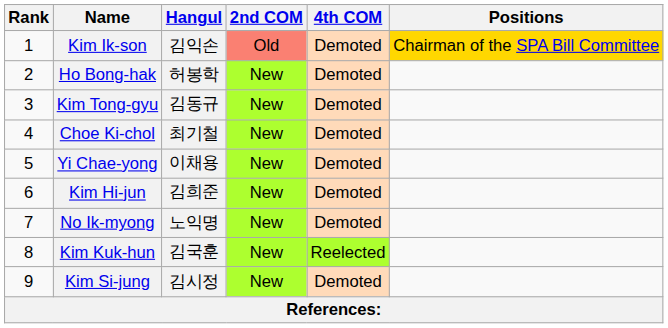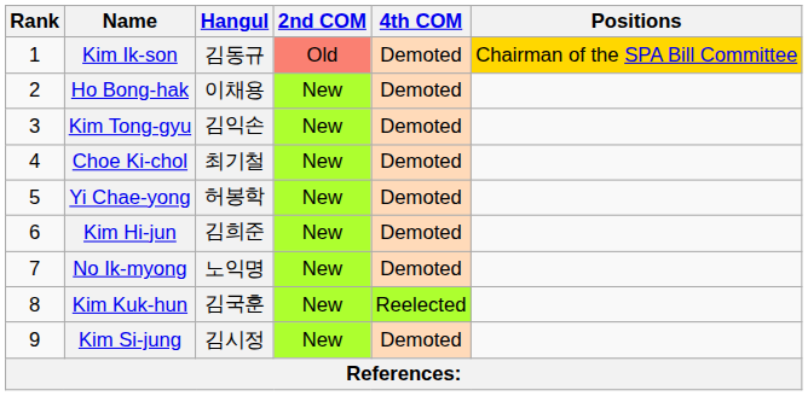 <table class="wikitable sortable">
 <tr>
 <th>Rank</th>
 <th>Name</th>
 <th class="unsortable"><a href='#'>Hangul</a></th>
 <th><a href='#'>2nd COM</a></th>
 <th><a href='#'>4th COM</a></th>
 <th>Positions</th>
 </tr>
 <tr>
 <td align="center">1</td>
 <th align="center" scope="row" style="font-weight:normal;"><a href='#'>Kim Ik-son</a></th>
-<th align="center" scope="row" style="font-weight:normal;">김익손</th>
+<th align="center" scope="row" style="font-weight:normal;">김동규</th>
 <td style="background: Salmon" align="center">Old</td>
 <td style="background: PeachPuff" align="center">Demoted</td>
 <td style="background: gold;">Chairman of the <a href='#'>SPA Bill Committee</a></td>
 </tr>
 <tr>
 <td align="center">2</td>
 <th align="center" scope="row" style="font-weight:normal;"><a href='#'>Ho Bong-hak</a></th>
-<th align="center" scope="row" style="font-weight:normal;">허봉학</th>
+<th align="center" scope="row" style="font-weight:normal;">이채용</th>
 <td align="center" style="background: GreenYellow">New</td>
 <td style="background: PeachPuff" align="center">Demoted</td>
 <td></td>
 </tr>
 <tr>
 <td align="center">3</td>
 <th align="center" scope="row" style="font-weight:normal;"><a href='#'>Kim Tong-gyu</a></th>
-<th align="center" scope="row" style="font-weight:normal;">김동규</th>
+<th align="center" scope="row" style="font-weight:normal;">김익손</th>
 <td align="center" style="background: GreenYellow">New</td>
 <td style="background: PeachPuff" align="center">Demoted</td>
 <td></td>
 </tr>
 <tr>
 <td align="center">4</td>
 <th align="center" scope="row" style="font-weight:normal;"><a href='#'>Choe Ki-chol</a></th>
 <th align="center" scope="row" style="font-weight:normal;">최기철</th>
 <td align="center" style="background: GreenYellow">New</td>
 <td style="background: PeachPuff" align="center">Demoted</td>
 <td></td>
 </tr>
 <tr>
 <td align="center">5</td>
 <th align="center" scope="row" style="font-weight:normal;"><a href='#'>Yi Chae-yong</a></th>
-<th align="center" scope="row" style="font-weight:normal;">이채용</th>
+<th align="center" scope="row" style="font-weight:normal;">허봉학</th>
 <td align="center" style="background: GreenYellow">New</td>
 <td style="background: PeachPuff" align="center">Demoted</td>
 <td></td>
 </tr>
 <tr>
 <td align="center">6</td>
 <th align="center" scope="row" style="font-weight:normal;"><a href='#'>Kim Hi-jun</a></th>
 <th align="center" scope="row" style="font-weight:normal;">김희준</th>
 <td align="center" style="background: GreenYellow">New</td>
 <td style="background: PeachPuff" align="center">Demoted</td>
 <td></td>
 </tr>
 <tr>
 <td align="center">7</td>
 <th align="center" scope="row" style="font-weight:normal;"><a href='#'>No Ik-myong</a></th>
 <th align="center" scope="row" style="font-weight:normal;">노익명</th>
 <td align="center" style="background: GreenYellow">New</td>
 <td style="background: PeachPuff" align="center">Demoted</td>
 <td></td>
 </tr>
 <tr>
 <td align="center">8</td>
 <th align="center" scope="row" style="font-weight:normal;"><a href='#'>Kim Kuk-hun</a></th>
 <th align="center" scope="row" style="font-weight:normal;">김국훈</th>
 <td align="center" style="background: GreenYellow">New</td>
 <td align="center" style="background: GreenYellow">Reelected</td>
 <td></td>
 </tr>
 <tr>
 <td align="center">9</td>
 <th align="center" scope="row" style="font-weight:normal;"><a href='#'>Kim Si-jung</a></th>
 <th align="center" scope="row" style="font-weight:normal;">김시정</th>
 <td align="center" style="background: GreenYellow">New</td>
 <td style="background: PeachPuff" align="center">Demoted</td>
 <td></td>
 </tr>
 <tr>
 <th colspan="6" unsortable><strong>References:</strong><br></th>
 </tr>
 </table>
